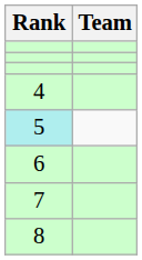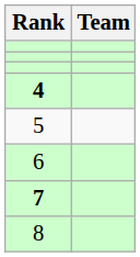 <table class="wikitable" style="text-align: center;">
 <tr>
 <th width=40>Rank</th>
 <th>Team</th>
 </tr>
 <tr bgcolor=#ccffcc>
 <td></td>
 <td style="text-align:left;"></td>
 </tr>
 <tr bgcolor=#ccffcc>
 <td></td>
 <td style="text-align:left;"></td>
 </tr>
 <tr bgcolor=#ccffcc>
 <td></td>
 <td style="text-align:left;"></td>
 </tr>
 <tr bgcolor=#ccffcc>
-<td>4</td>
+<td><strong>4</strong></td>
 <td style="text-align:left;"></td>
 </tr>
 <tr>
-<td style="background: paleturquoise;">5</td>
+<td>5</td>
 <td style="text-align:left;"></td>
 </tr>
 <tr bgcolor=#ccffcc>
 <td>6</td>
 <td style="text-align:left;"></td>
 </tr>
 <tr bgcolor=#ccffcc>
-<td>7</td>
+<td><strong>7</strong></td>
 <td style="text-align:left;"></td>
 </tr>
 <tr bgcolor=#ccffcc>
 <td>8</td>
 <td style="text-align:left;"></td>
 </tr>
 </table>
